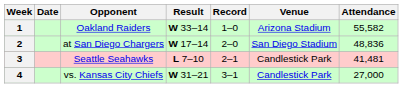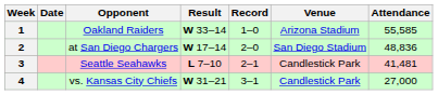 <table class="wikitable" style="text-align:center">
 <tr>
 <th>Week</th>
 <th>Date</th>
 <th>Opponent</th>
 <th>Result</th>
 <th>Record</th>
 <th>Venue</th>
 <th>Attendance</th>
 </tr>
 <tr style="background:#cfc">
 <th>1</th>
 <td></td>
 <td><a href='#'>Oakland Raiders</a></td>
 <td><strong>W</strong> 33–14</td>
 <td>1–0</td>
 <td><a href='#'>Arizona Stadium</a></td>
-<td>55,582</td>
+<td>55,585</td>
 </tr>
 <tr style="background:#cfc">
 <th>2</th>
 <td></td>
 <td>at <a href='#'>San Diego Chargers</a></td>
 <td><strong>W</strong> 17–14</td>
 <td>2–0</td>
 <td><a href='#'>San Diego Stadium</a></td>
 <td>48,836</td>
 </tr>
 <tr style="background:#fcc">
 <th>3</th>
 <td></td>
 <td><a href='#'>Seattle Seahawks</a></td>
 <td><strong>L</strong> 7–10</td>
 <td>2–1</td>
 <td>Candlestick Park</td>
 <td>41,481</td>
 </tr>
 <tr style="background:#cfc">
 <th>4</th>
 <td></td>
 <td>vs. <a href='#'>Kansas City Chiefs</a></td>
 <td><strong>W</strong> 31–21</td>
 <td>3–1</td>
 <td><a href='#'>Candlestick Park</a></td>
 <td>27,000</td>
 </tr>
 </table>
